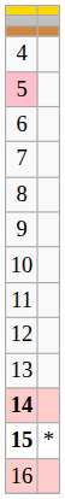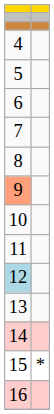 <table class="wikitable">
 <tr style="background:#ffd700;">
 <td align=center></td>
 <td></td>
 </tr>
 <tr style="background:#c0c0c0;">
 <td align=center></td>
 <td></td>
 </tr>
 <tr style="background:#CD853F;">
 <td align=center></td>
 <td></td>
 </tr>
 <tr>
 <td align=center>4</td>
 <td></td>
 </tr>
 <tr>
-<td align=center style="background: pink;">5</td>
+<td align=center>5</td>
 <td></td>
 </tr>
 <tr>
 <td align=center>6</td>
 <td></td>
 </tr>
 <tr>
 <td align=center>7</td>
 <td></td>
 </tr>
 <tr>
 <td align=center>8</td>
 <td></td>
 </tr>
 <tr>
-<td align=center>9</td>
+<td align=center style="background: lightsalmon;">9</td>
 <td></td>
 </tr>
 <tr>
 <td align=center>10</td>
 <td></td>
 </tr>
 <tr>
 <td align=center>11</td>
 <td></td>
 </tr>
 <tr>
-<td align=center>12</td>
+<td align=center style="background: lightblue;">12</td>
 <td></td>
 </tr>
 <tr>
 <td align=center>13</td>
 <td></td>
 </tr>
 <tr style="background:#ffcccc;">
-<td align=center><strong>14</strong></td>
+<td align=center>14</td>
 <td></td>
 </tr>
 <tr style="background:#ffffff;">
-<td align=center><strong>15</strong></td>
+<td align=center>15</td>
 <td>*</td>
 </tr>
 <tr style="background:#ffcccc;">
 <td align=center>16</td>
 <td></td>
 </tr>
 <tr>
 </tr>
 </table>
